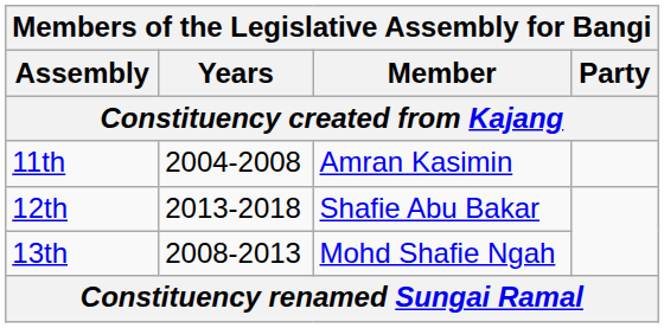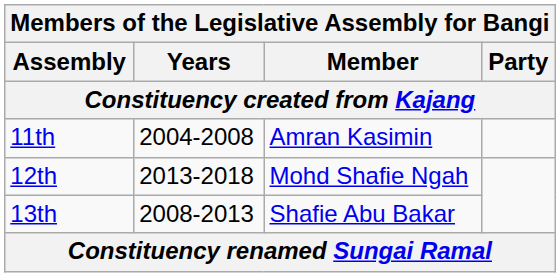 <table class="wikitable">
 <tr>
 <th colspan="4">Members of the Legislative Assembly for Bangi</th>
 </tr>
 <tr>
 <th>Assembly</th>
 <th>Years</th>
 <th>Member</th>
 <th>Party</th>
 </tr>
 <tr>
 <th colspan="4" align="center"><em>Constituency created from <a href='#'>Kajang</a></em></th>
 </tr>
 <tr>
 <td><a href='#'>11th</a></td>
 <td>2004-2008</td>
 <td><a href='#'>Amran Kasimin</a></td>
 <td></td>
 </tr>
 <tr>
 <td><a href='#'>12th</a></td>
 <td>2013-2018</td>
-<td><a href='#'>Shafie Abu Bakar</a></td>
+<td><a href='#'>Mohd Shafie Ngah</a></td>
 <td rowspan="2"></td>
 </tr>
 <tr>
 <td><a href='#'>13th</a></td>
 <td>2008-2013</td>
-<td><a href='#'>Mohd Shafie Ngah</a></td>
+<td><a href='#'>Shafie Abu Bakar</a></td>
 </tr>
 <tr>
 <th colspan="4" align="center"><em>Constituency renamed <a href='#'>Sungai Ramal</a></em></th>
 </tr>
 </table>
